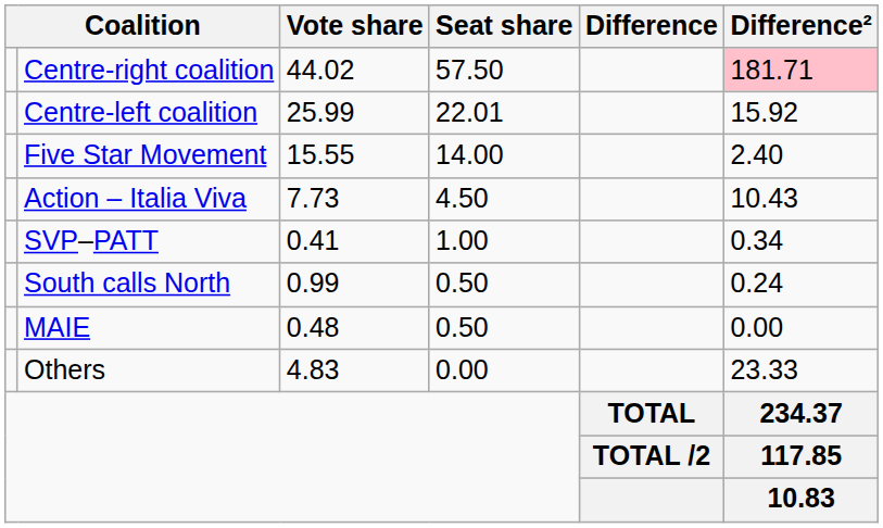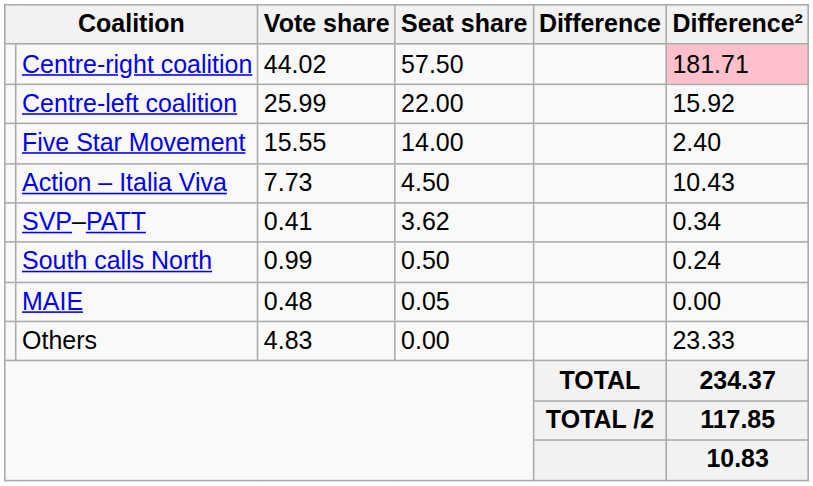 <table class="wikitable">
 <tr>
 <th colspan="2">Coalition</th>
 <th>Vote share</th>
 <th>Seat share</th>
 <th>Difference</th>
 <th>Difference²</th>
 </tr>
 <tr>
 <td></td>
 <td><a href='#'>Centre-right coalition</a></td>
 <td>44.02</td>
 <td>57.50</td>
 <td></td>
 <td style="background: pink;">181.71</td>
 </tr>
 <tr>
 <td></td>
 <td><a href='#'>Centre-left coalition</a></td>
 <td>25.99</td>
-<td>22.01</td>
+<td>22.00</td>
 <td></td>
 <td>15.92</td>
 </tr>
 <tr>
 <td></td>
 <td><a href='#'>Five Star Movement</a></td>
 <td>15.55</td>
 <td>14.00</td>
 <td></td>
 <td>2.40</td>
 </tr>
 <tr>
 <td></td>
 <td><a href='#'>Action – Italia Viva</a></td>
 <td>7.73</td>
 <td>4.50</td>
 <td></td>
 <td>10.43</td>
 </tr>
 <tr>
 <td></td>
 <td><a href='#'>SVP</a>–<a href='#'>PATT</a></td>
 <td>0.41</td>
-<td>1.00</td>
+<td>3.62</td>
 <td></td>
 <td>0.34</td>
 </tr>
 <tr>
 <td></td>
 <td><a href='#'>South calls North</a></td>
 <td>0.99</td>
 <td>0.50</td>
 <td></td>
 <td>0.24</td>
 </tr>
 <tr>
 <td></td>
 <td><a href='#'>MAIE</a></td>
 <td>0.48</td>
-<td>0.50</td>
+<td>0.05</td>
 <td></td>
 <td>0.00</td>
 </tr>
 <tr>
 <td></td>
 <td>Others</td>
 <td>4.83</td>
 <td>0.00</td>
 <td></td>
 <td>23.33</td>
 </tr>
 <tr>
 <td colspan="4" rowspan="3"></td>
 <th>TOTAL</th>
 <th>234.37</th>
 </tr>
 <tr>
 <th>TOTAL /2</th>
 <th>117.85</th>
 </tr>
 <tr>
 <th></th>
 <th>10.83</th>
 </tr>
 </table>
